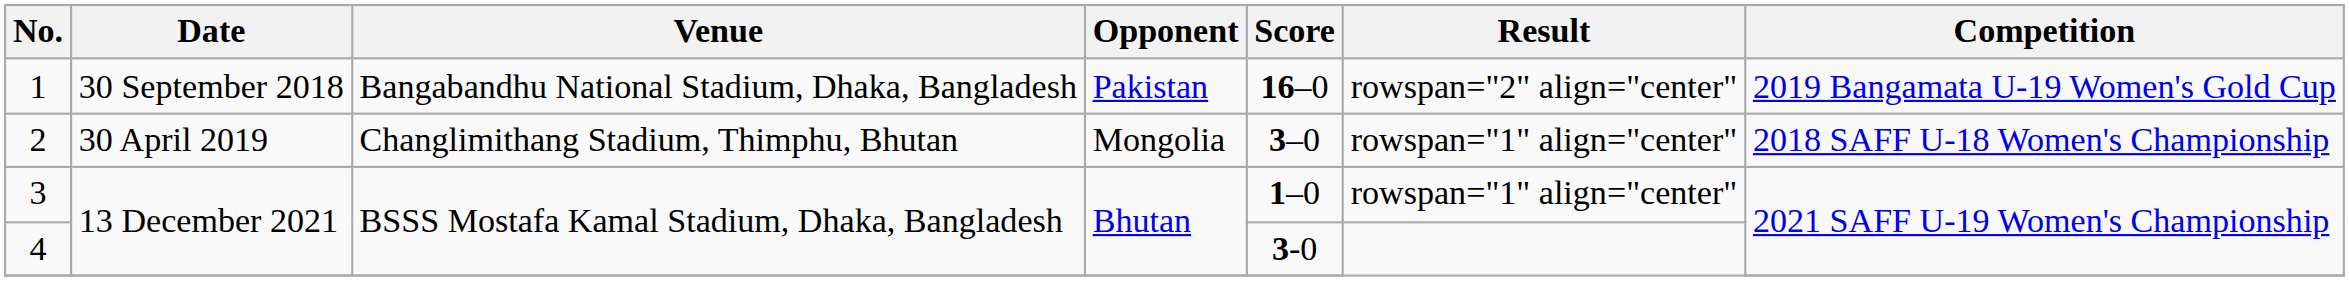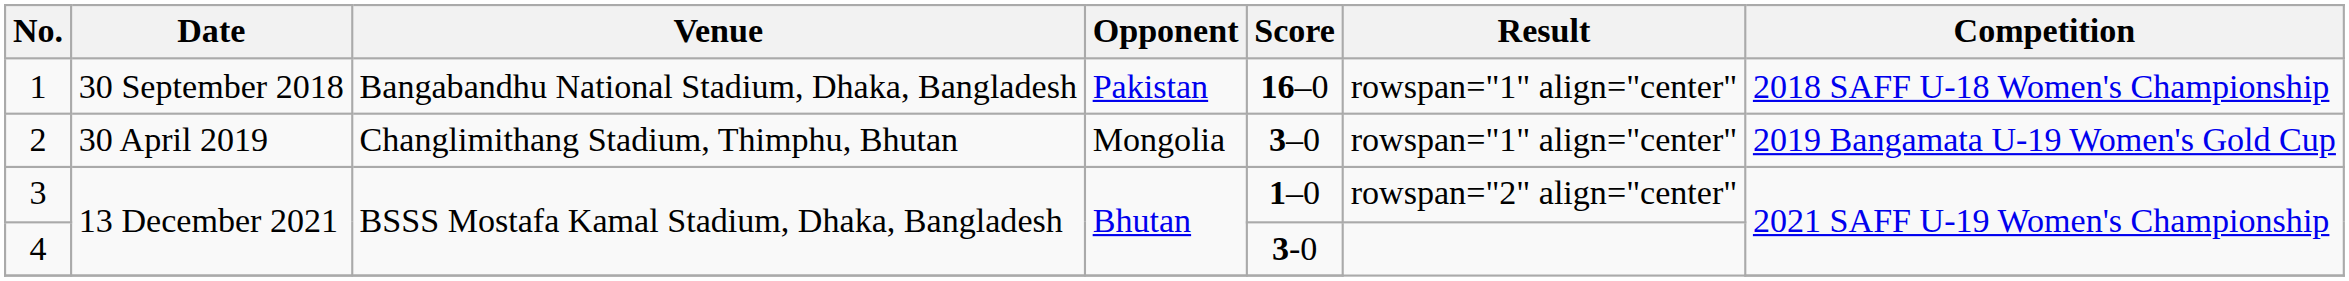 <table class="wikitable">
 <tr>
 <th>No.</th>
 <th>Date</th>
 <th>Venue</th>
 <th>Opponent</th>
 <th>Score</th>
 <th>Result</th>
 <th>Competition</th>
 </tr>
 <tr>
 <td align=center>1</td>
 <td rowspan="1">30 September 2018</td>
 <td rowspan="1">Bangabandhu National Stadium, Dhaka, Bangladesh</td>
 <td rowspan="1"><a href='#'>Pakistan</a></td>
 <td align=center><strong>16</strong>–0</td>
-<td>rowspan="2" align="center" </td>
-<td rowspan="1"><a href='#'>2019 Bangamata U-19 Women's Gold Cup</a></td>
+<td>rowspan="1" align="center" </td>
+<td rowspan="1"><a href='#'>2018 SAFF U-18 Women's Championship</a></td>
 </tr>
 <tr>
 <td align=center>2</td>
 <td rowspan="1">30 April 2019</td>
 <td rowspan="1">Changlimithang Stadium, Thimphu, Bhutan</td>
 <td rowspan="1">Mongolia</td>
 <td align=center><strong>3</strong>–0</td>
 <td>rowspan="1" align="center" </td>
-<td rowspan="1"><a href='#'>2018 SAFF U-18 Women's Championship</a></td>
+<td rowspan="1"><a href='#'>2019 Bangamata U-19 Women's Gold Cup</a></td>
 </tr>
 <tr>
 <td align=center>3</td>
 <td rowspan="2">13 December 2021</td>
 <td rowspan="2">BSSS Mostafa Kamal Stadium, Dhaka, Bangladesh</td>
 <td rowspan="2"><a href='#'>Bhutan</a></td>
 <td align=center><strong>1</strong>–0</td>
-<td>rowspan="1" align="center" </td>
+<td>rowspan="2" align="center" </td>
 <td rowspan="2"><a href='#'>2021 SAFF U-19 Women's Championship</a></td>
 </tr>
 <tr>
 <td align=center>4</td>
 <td align=center><strong>3</strong>-0</td>
 </tr>
 <tr>
 </tr>
 </table>
